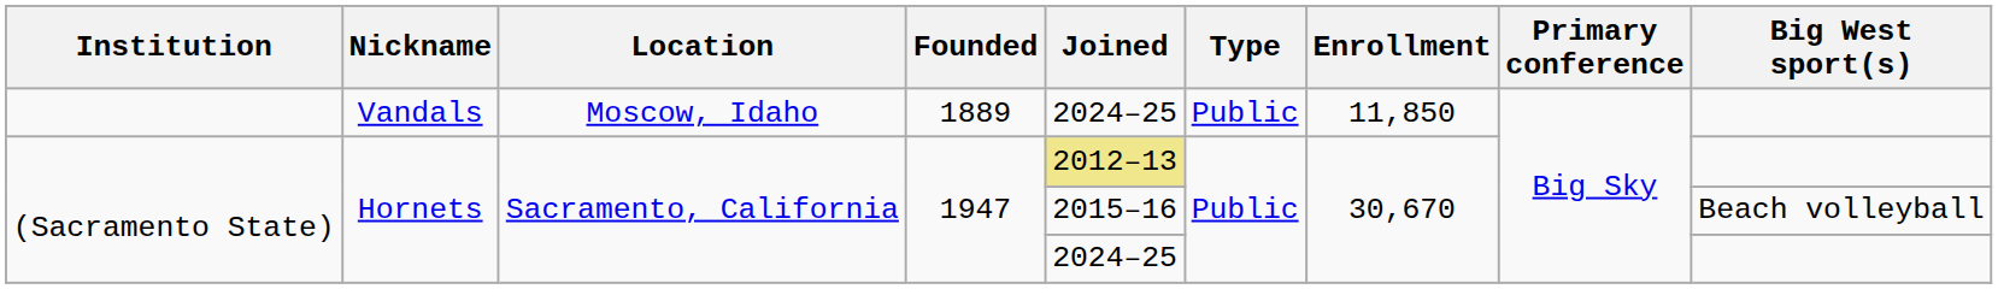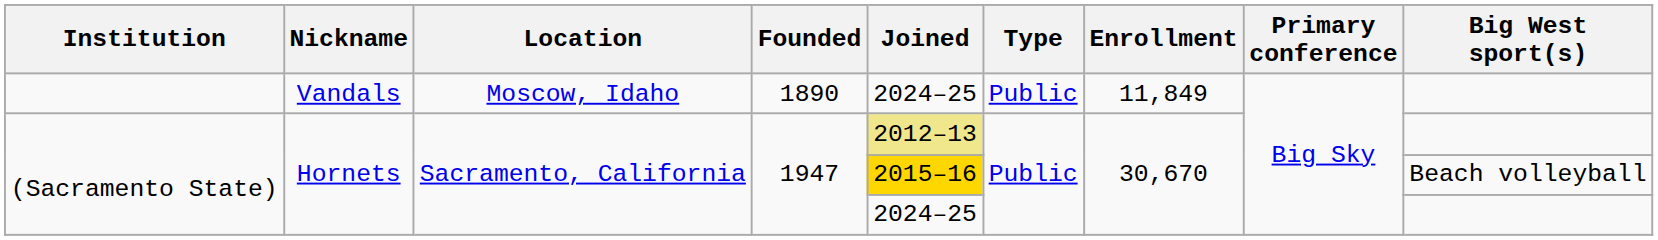 <table class="wikitable sortable" style="text-align: center">
 <tr>
 <th>Institution</th>
 <th>Nickname</th>
 <th>Location</th>
 <th>Founded</th>
 <th>Joined</th>
 <th>Type</th>
 <th>Enrollment</th>
 <th>Primary<br>conference</th>
 <th>Big West<br>sport(s)</th>
 </tr>
 <tr>
 <td></td>
 <td><a href='#'>Vandals</a></td>
 <td><a href='#'>Moscow, Idaho</a></td>
-<td>1889</td>
+<td>1890</td>
 <td>2024–25</td>
 <td><a href='#'>Public</a></td>
-<td>11,850</td>
+<td>11,849</td>
 <td rowspan=4><a href='#'>Big Sky</a></td>
 <td></td>
 </tr>
 <tr>
 <td rowspan=3><br>(Sacramento State)</td>
 <td rowspan=3><a href='#'>Hornets</a></td>
 <td rowspan=3><a href='#'>Sacramento, California</a></td>
 <td rowspan=3>1947</td>
 <td style="background: khaki;">2012–13</td>
 <td rowspan=3><a href='#'>Public</a><br></td>
 <td rowspan=3>30,670</td>
 <td></td>
 </tr>
 <tr>
-<td>2015–16</td>
+<td style="background: gold;">2015–16</td>
 <td>Beach volleyball</td>
 </tr>
 <tr>
 <td>2024–25</td>
 <td></td>
 </tr>
 </table>
